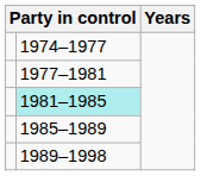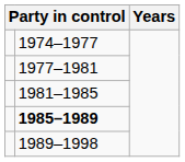 <table class="wikitable">
 <tr>
 <th colspan="2">Party in control</th>
 <th>Years</th>
 </tr>
 <tr>
 <td></td>
 <td>1974–1977</td>
 </tr>
 <tr>
 <td></td>
 <td>1977–1981</td>
 </tr>
 <tr>
 <td></td>
-<td style="background: paleturquoise;">1981–1985</td>
+<td>1981–1985</td>
 </tr>
 <tr>
 <td></td>
-<td>1985–1989</td>
+<td><strong>1985–1989</strong></td>
 </tr>
 <tr>
 <td></td>
 <td>1989–1998</td>
 </tr>
 </table>
